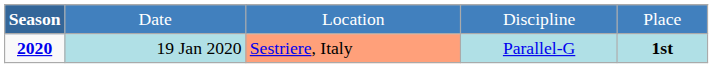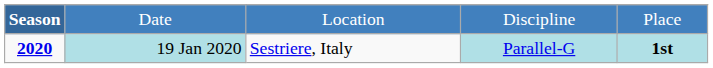 <table class="wikitable"  style="font-size:95%; text-align:center; border:gray solid 1px; width:48%;">
 <tr style="background:#369; color:white;">
 <td rowspan="2" colspan="1" width="5%"><strong>Season</strong></td>
 </tr>
 <tr style="background-color:#4180be; color:white;">
 <td>Date</td>
 <td>Location</td>
 <td>Discipline</td>
 <td>Place</td>
 </tr>
 <tr>
 <td><strong><a href='#'>2020</a></strong></td>
 <td align=right bgcolor="#BOEOE6">19 Jan 2020</td>
-<td align=left style="background: lightsalmon;"> <a href='#'>Sestriere</a>, Italy</td>
+<td align=left> <a href='#'>Sestriere</a>, Italy</td>
 <td bgcolor="#BOEOE6"><a href='#'>Parallel-G</a></td>
 <td bgcolor="#BOEOE6"><strong>1st</strong></td>
 </tr>
 </table>
